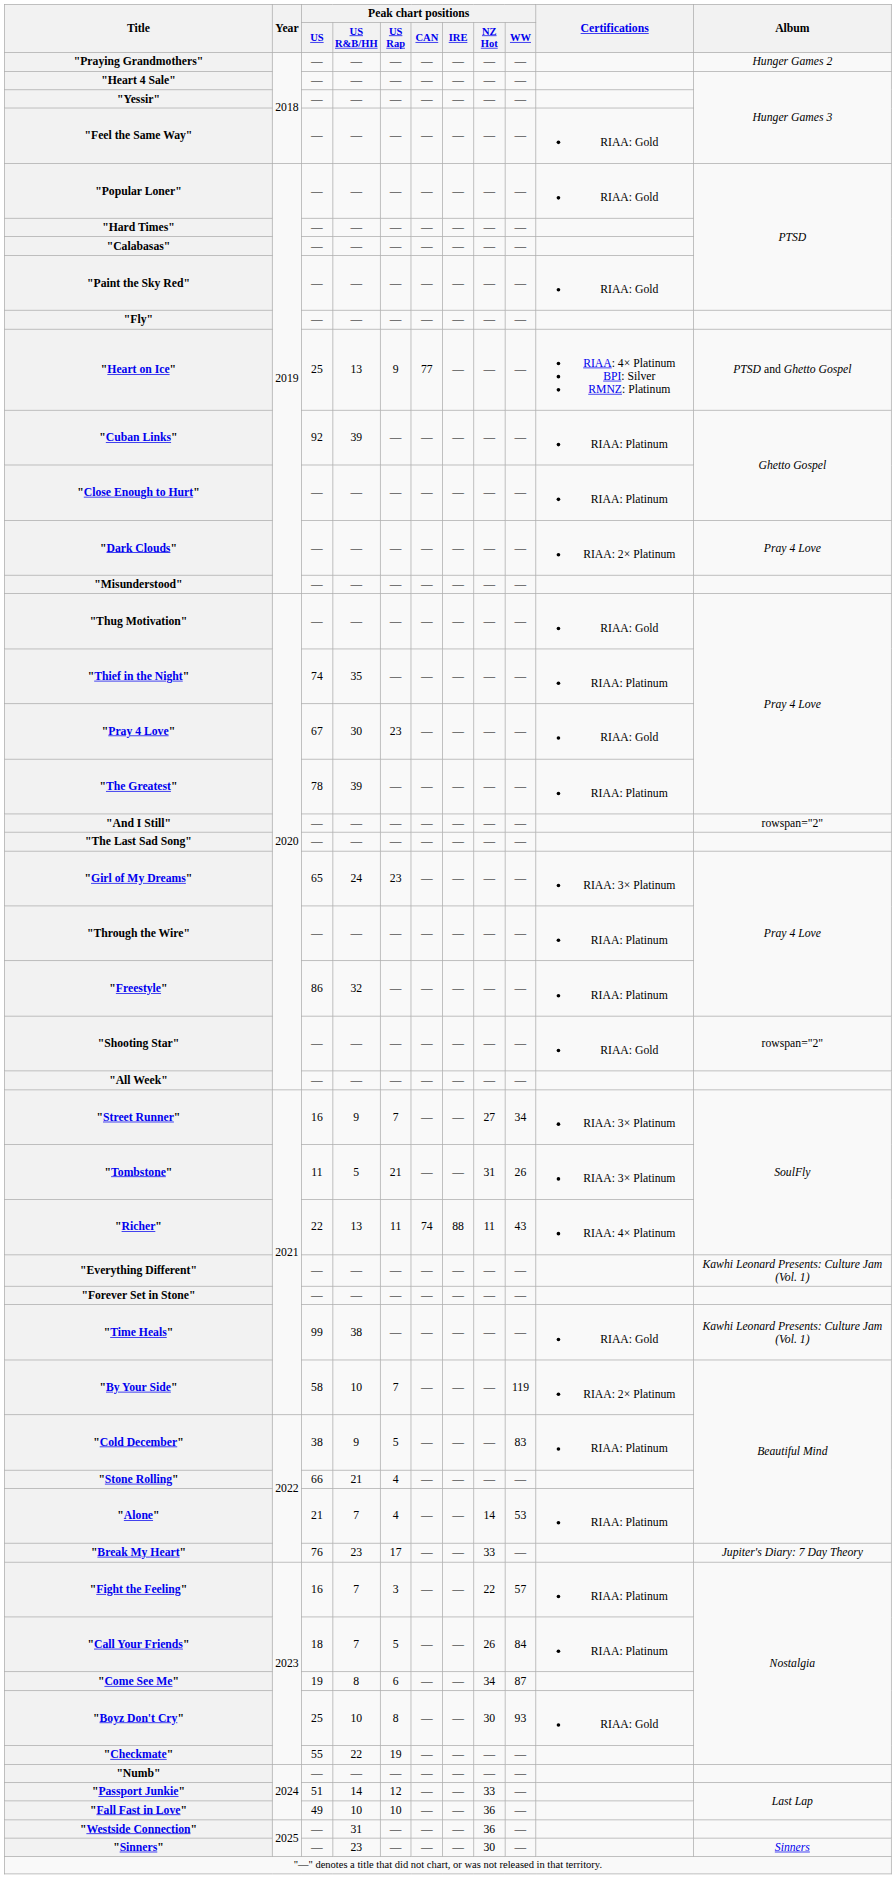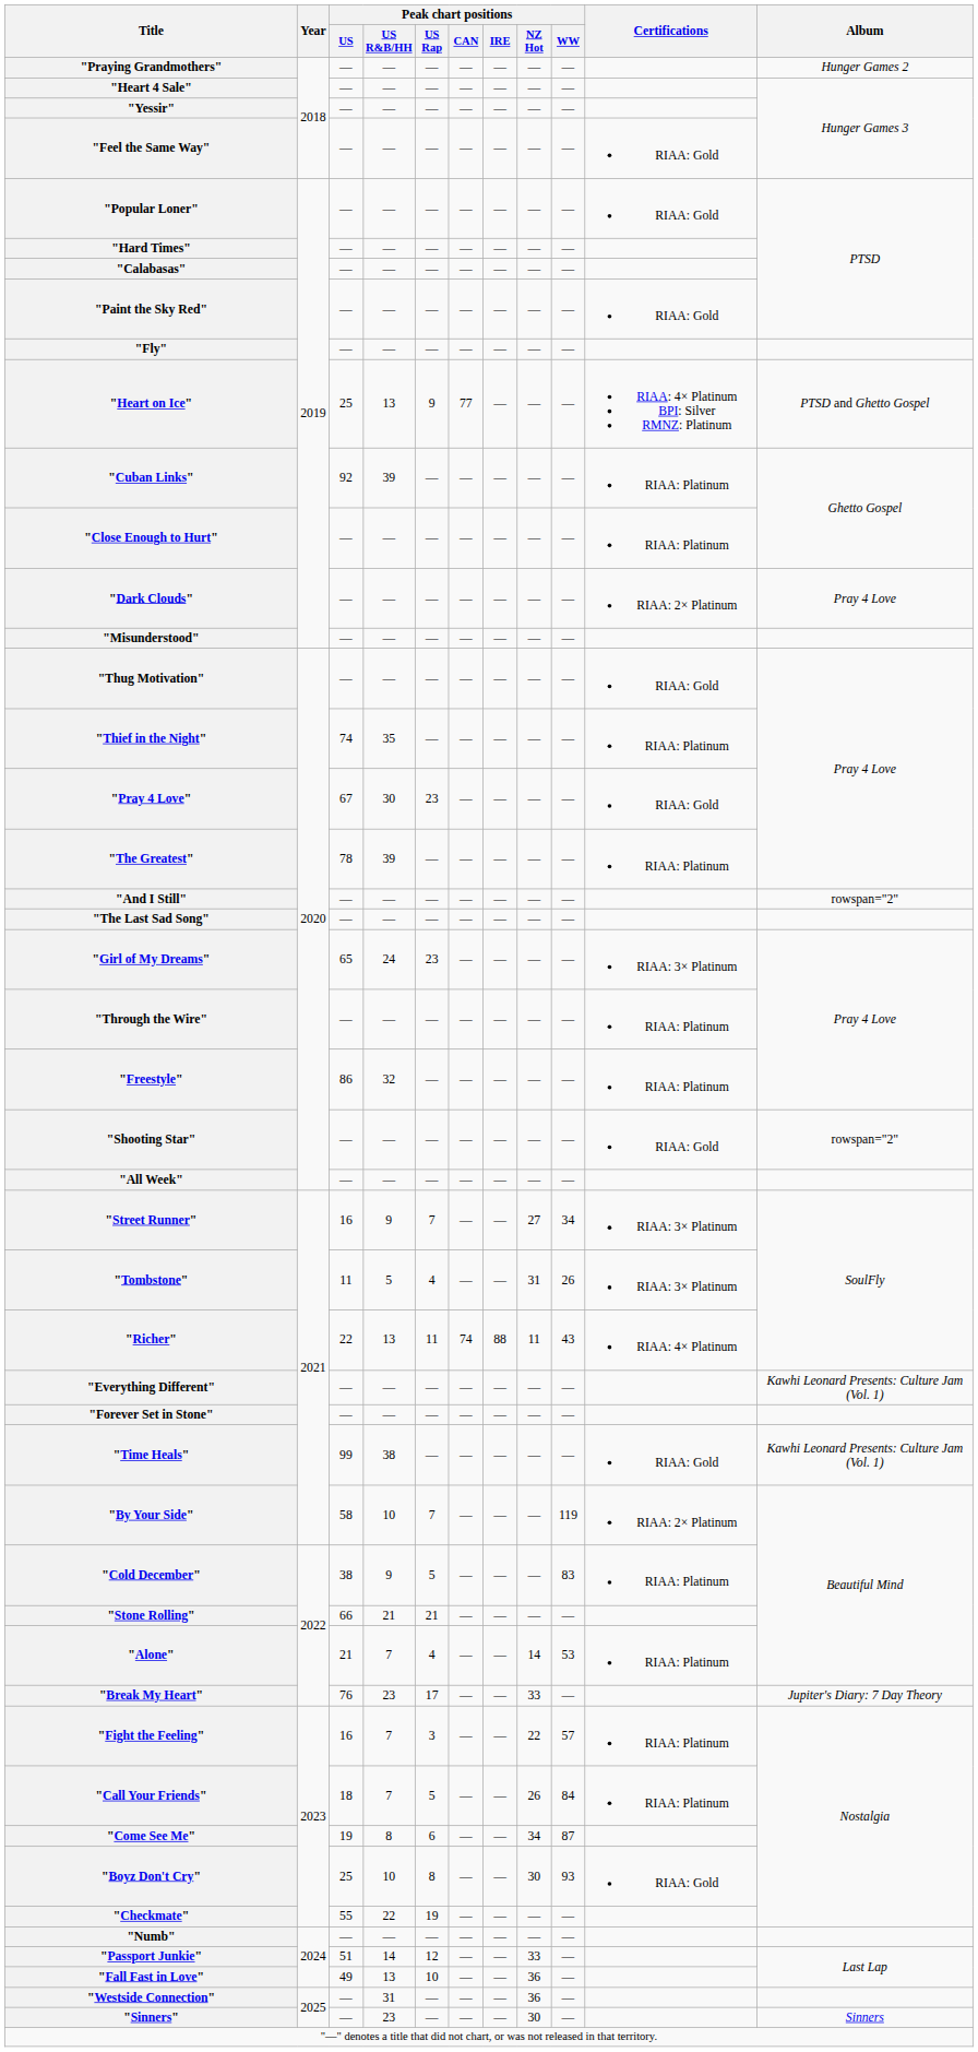 <table class="wikitable plainrowheaders" style="text-align:center;">
 <tr>
 <th scope="col" rowspan="2" style="width:22.5em;">Title</th>
 <th scope="col" rowspan="2" style="width:1em;">Year</th>
 <th scope="col" colspan="7">Peak chart positions</th>
 <th scope="col" rowspan="2" style="width:13em;"><a href='#'>Certifications</a></th>
 <th scope="col" rowspan="2" style="width:16.5em;">Album</th>
 </tr>
 <tr>
 <th scope="col" style="width:2.5em;font-size:90%;"><a href='#'>US</a><br></th>
 <th scope="col" style="width:2.5em;font-size:90%;"><a href='#'>US R&B/HH</a><br></th>
 <th scope="col" style="width:2.5em;font-size:90%;"><a href='#'>US Rap</a><br></th>
 <th scope="col" style="width:2.5em;font-size:90%;"><a href='#'>CAN</a><br></th>
 <th scope="col" style="width:2.5em;font-size:90%;"><a href='#'>IRE</a><br></th>
 <th scope="col" style="width:2.5em;font-size:90%;"><a href='#'>NZ<br>Hot</a><br></th>
 <th scope="col" style="width:2.5em;font-size:90%;"><a href='#'>WW</a><br></th>
 </tr>
 <tr>
 <th scope="row">"Praying Grandmothers"</th>
 <td rowspan="4">2018</td>
 <td>—</td>
 <td>—</td>
 <td>—</td>
 <td>—</td>
 <td>—</td>
 <td>—</td>
 <td>—</td>
 <td></td>
 <td><em>Hunger Games 2</em></td>
 </tr>
 <tr>
 <th scope="row">"Heart 4 Sale"</th>
 <td>—</td>
 <td>—</td>
 <td>—</td>
 <td>—</td>
 <td>—</td>
 <td>—</td>
 <td>—</td>
 <td></td>
 <td rowspan="3"><em>Hunger Games 3</em></td>
 </tr>
 <tr>
 <th scope="row">"Yessir"</th>
 <td>—</td>
 <td>—</td>
 <td>—</td>
 <td>—</td>
 <td>—</td>
 <td>—</td>
 <td>—</td>
 <td></td>
 </tr>
 <tr>
 <th scope="row">"Feel the Same Way"<br></th>
 <td>—</td>
 <td>—</td>
 <td>—</td>
 <td>—</td>
 <td>—</td>
 <td>—</td>
 <td>—</td>
 <td><br><ul><li>RIAA: Gold</li></ul></td>
 </tr>
 <tr>
 <th scope="row">"Popular Loner"</th>
 <td rowspan="10">2019</td>
 <td>—</td>
 <td>—</td>
 <td>—</td>
 <td>—</td>
 <td>—</td>
 <td>—</td>
 <td>—</td>
 <td><br><ul><li>RIAA: Gold</li></ul></td>
 <td rowspan="4"><em>PTSD</em></td>
 </tr>
 <tr>
 <th scope="row">"Hard Times"</th>
 <td>—</td>
 <td>—</td>
 <td>—</td>
 <td>—</td>
 <td>—</td>
 <td>—</td>
 <td>—</td>
 <td></td>
 </tr>
 <tr>
 <th scope="row">"Calabasas"<br></th>
 <td>—</td>
 <td>—</td>
 <td>—</td>
 <td>—</td>
 <td>—</td>
 <td>—</td>
 <td>—</td>
 <td></td>
 </tr>
 <tr>
 <th scope="row">"Paint the Sky Red"</th>
 <td>—</td>
 <td>—</td>
 <td>—</td>
 <td>—</td>
 <td>—</td>
 <td>—</td>
 <td>—</td>
 <td><br><ul><li>RIAA: Gold</li></ul></td>
 </tr>
 <tr>
 <th scope="row">"Fly"</th>
 <td>—</td>
 <td>—</td>
 <td>—</td>
 <td>—</td>
 <td>—</td>
 <td>—</td>
 <td>—</td>
 <td></td>
 <td></td>
 </tr>
 <tr>
 <th scope="row">"<a href='#'>Heart on Ice</a>"<br></th>
 <td>25</td>
 <td>13</td>
 <td>9</td>
 <td>77</td>
 <td>—</td>
 <td>—</td>
 <td>—</td>
 <td><br><ul><li><a href='#'>RIAA</a>: 4× Platinum</li><li><a href='#'>BPI</a>: Silver</li><li><a href='#'>RMNZ</a>: Platinum</li></ul></td>
 <td><em>PTSD</em> and <em>Ghetto Gospel</em></td>
 </tr>
 <tr>
 <th scope="row">"<a href='#'>Cuban Links</a>"<br></th>
 <td>92</td>
 <td>39</td>
 <td>—</td>
 <td>—</td>
 <td>—</td>
 <td>—</td>
 <td>—</td>
 <td><br><ul><li>RIAA: Platinum</li></ul></td>
 <td rowspan="2"><em>Ghetto Gospel</em></td>
 </tr>
 <tr>
 <th scope="row">"<a href='#'>Close Enough to Hurt</a>"</th>
 <td>—</td>
 <td>—</td>
 <td>—</td>
 <td>—</td>
 <td>—</td>
 <td>—</td>
 <td>—</td>
 <td><br><ul><li>RIAA: Platinum</li></ul></td>
 </tr>
 <tr>
 <th scope="row">"<a href='#'>Dark Clouds</a>"</th>
 <td>—</td>
 <td>—</td>
 <td>—</td>
 <td>—</td>
 <td>—</td>
 <td>—</td>
 <td>—</td>
 <td><br><ul><li>RIAA: 2× Platinum</li></ul></td>
 <td><em>Pray 4 Love</em></td>
 </tr>
 <tr>
 <th scope="row">"Misunderstood"</th>
 <td>—</td>
 <td>—</td>
 <td>—</td>
 <td>—</td>
 <td>—</td>
 <td>—</td>
 <td>—</td>
 <td></td>
 <td></td>
 </tr>
 <tr>
 <th scope="row">"Thug Motivation"</th>
 <td rowspan="11">2020</td>
 <td>—</td>
 <td>—</td>
 <td>—</td>
 <td>—</td>
 <td>—</td>
 <td>—</td>
 <td>—</td>
 <td><br><ul><li>RIAA: Gold</li></ul></td>
 <td rowspan="4"><em>Pray 4 Love</em></td>
 </tr>
 <tr>
 <th scope="row">"<a href='#'>Thief in the Night</a>"</th>
 <td>74</td>
 <td>35</td>
 <td>—</td>
 <td>—</td>
 <td>—</td>
 <td>—</td>
 <td>—</td>
 <td><br><ul><li>RIAA: Platinum</li></ul></td>
 </tr>
 <tr>
 <th scope="row">"<a href='#'>Pray 4 Love</a>"</th>
 <td>67</td>
 <td>30</td>
 <td>23</td>
 <td>—</td>
 <td>—</td>
 <td>—</td>
 <td>—</td>
 <td><br><ul><li>RIAA: Gold</li></ul></td>
 </tr>
 <tr>
 <th scope="row">"<a href='#'>The Greatest</a>"</th>
 <td>78</td>
 <td>39</td>
 <td>—</td>
 <td>—</td>
 <td>—</td>
 <td>—</td>
 <td>—</td>
 <td><br><ul><li>RIAA: Platinum</li></ul></td>
 </tr>
 <tr>
 <th scope="row">"And I Still"</th>
 <td>—</td>
 <td>—</td>
 <td>—</td>
 <td>—</td>
 <td>—</td>
 <td>—</td>
 <td>—</td>
 <td></td>
 <td>rowspan="2" </td>
 </tr>
 <tr>
 <th scope="row">"The Last Sad Song"</th>
 <td>—</td>
 <td>—</td>
 <td>—</td>
 <td>—</td>
 <td>—</td>
 <td>—</td>
 <td>—</td>
 <td></td>
 </tr>
 <tr>
 <th scope="row">"<a href='#'>Girl of My Dreams</a>"</th>
 <td>65</td>
 <td>24</td>
 <td>23</td>
 <td>—</td>
 <td>—</td>
 <td>—</td>
 <td>—</td>
 <td><br><ul><li>RIAA: 3× Platinum</li></ul></td>
 <td rowspan="3"><em>Pray 4 Love</em></td>
 </tr>
 <tr>
 <th scope="row">"Through the Wire"</th>
 <td>—</td>
 <td>—</td>
 <td>—</td>
 <td>—</td>
 <td>—</td>
 <td>—</td>
 <td>—</td>
 <td><br><ul><li>RIAA: Platinum</li></ul></td>
 </tr>
 <tr>
 <th scope="row">"<a href='#'>Freestyle</a>"</th>
 <td>86</td>
 <td>32</td>
 <td>—</td>
 <td>—</td>
 <td>—</td>
 <td>—</td>
 <td>—</td>
 <td><br><ul><li>RIAA: Platinum</li></ul></td>
 </tr>
 <tr>
 <th scope="row">"Shooting Star"</th>
 <td>—</td>
 <td>—</td>
 <td>—</td>
 <td>—</td>
 <td>—</td>
 <td>—</td>
 <td>—</td>
 <td><br><ul><li>RIAA: Gold</li></ul></td>
 <td>rowspan="2" </td>
 </tr>
 <tr>
 <th scope="row">"All Week"</th>
 <td>—</td>
 <td>—</td>
 <td>—</td>
 <td>—</td>
 <td>—</td>
 <td>—</td>
 <td>—</td>
 <td></td>
 </tr>
 <tr>
 <th scope="row">"<a href='#'>Street Runner</a>"</th>
 <td rowspan="7">2021</td>
 <td>16</td>
 <td>9</td>
 <td>7</td>
 <td>—</td>
 <td>—</td>
 <td>27</td>
 <td>34</td>
 <td><br><ul><li>RIAA: 3× Platinum</li></ul></td>
 <td rowspan="3"><em>SoulFly</em></td>
 </tr>
 <tr>
 <th scope="row">"<a href='#'>Tombstone</a>"</th>
 <td>11</td>
 <td>5</td>
-<td>21</td>
+<td>4</td>
 <td>—</td>
 <td>—</td>
 <td>31</td>
 <td>26</td>
 <td><br><ul><li>RIAA: 3× Platinum</li></ul></td>
 </tr>
 <tr>
 <th scope="row">"<a href='#'>Richer</a>"<br></th>
 <td>22</td>
 <td>13</td>
 <td>11</td>
 <td>74</td>
 <td>88</td>
 <td>11</td>
 <td>43</td>
 <td><br><ul><li>RIAA: 4× Platinum</li></ul></td>
 </tr>
 <tr>
 <th scope="row">"Everything Different"<br></th>
 <td>—</td>
 <td>—</td>
 <td>—</td>
 <td>—</td>
 <td>—</td>
 <td>—</td>
 <td>—</td>
 <td></td>
 <td><em>Kawhi Leonard Presents: Culture Jam (Vol. 1)</em></td>
 </tr>
 <tr>
 <th scope="row">"Forever Set in Stone"</th>
 <td>—</td>
 <td>—</td>
 <td>—</td>
 <td>—</td>
 <td>—</td>
 <td>—</td>
 <td>—</td>
 <td></td>
 <td></td>
 </tr>
 <tr>
 <th scope="row">"<a href='#'>Time Heals</a>"</th>
 <td>99</td>
 <td>38</td>
 <td>—</td>
 <td>—</td>
 <td>—</td>
 <td>—</td>
 <td>—</td>
 <td><br><ul><li>RIAA: Gold</li></ul></td>
 <td><em>Kawhi Leonard Presents: Culture Jam (Vol. 1)</em></td>
 </tr>
 <tr>
 <th scope="row">"<a href='#'>By Your Side</a>"</th>
 <td>58</td>
 <td>10</td>
 <td>7</td>
 <td>—</td>
 <td>—</td>
 <td>—</td>
 <td>119</td>
 <td><br><ul><li>RIAA: 2× Platinum</li></ul></td>
 <td rowspan="4"><em>Beautiful Mind</em></td>
 </tr>
 <tr>
 <th scope="row">"<a href='#'>Cold December</a>"</th>
 <td rowspan="4">2022</td>
 <td>38</td>
 <td>9</td>
 <td>5</td>
 <td>—</td>
 <td>—</td>
 <td>—</td>
 <td>83</td>
 <td><br><ul><li>RIAA: Platinum</li></ul></td>
 </tr>
 <tr>
 <th scope="row">"<a href='#'>Stone Rolling</a>"</th>
 <td>66</td>
 <td>21</td>
-<td>4</td>
+<td>21</td>
 <td>—</td>
 <td>—</td>
 <td>—</td>
 <td>—</td>
 <td></td>
 </tr>
 <tr>
 <th scope="row">"<a href='#'>Alone</a>"</th>
 <td>21</td>
 <td>7</td>
 <td>4</td>
 <td>—</td>
 <td>—</td>
 <td>14</td>
 <td>53</td>
 <td><br><ul><li>RIAA: Platinum</li></ul></td>
 </tr>
 <tr>
 <th scope="row">"<a href='#'>Break My Heart</a>"</th>
 <td>76</td>
 <td>23</td>
 <td>17</td>
 <td>—</td>
 <td>—</td>
 <td>33</td>
 <td>—</td>
 <td></td>
 <td><em>Jupiter's Diary: 7 Day Theory</em></td>
 </tr>
 <tr>
 <th scope="row">"<a href='#'>Fight the Feeling</a>"</th>
 <td rowspan="5">2023</td>
 <td>16</td>
 <td>7</td>
 <td>3</td>
 <td>—</td>
 <td>—</td>
 <td>22</td>
 <td>57</td>
 <td><br><ul><li>RIAA: Platinum</li></ul></td>
 <td rowspan="5"><em>Nostalgia</em></td>
 </tr>
 <tr>
 <th scope="row">"<a href='#'>Call Your Friends</a>"</th>
 <td>18</td>
 <td>7</td>
 <td>5</td>
 <td>—</td>
 <td>—</td>
 <td>26</td>
 <td>84</td>
 <td><br><ul><li>RIAA: Platinum</li></ul></td>
 </tr>
 <tr>
 <th scope="row">"<a href='#'>Come See Me</a>"</th>
 <td>19</td>
 <td>8</td>
 <td>6</td>
 <td>—</td>
 <td>—</td>
 <td>34</td>
 <td>87</td>
 <td></td>
 </tr>
 <tr>
 <th scope="row">"<a href='#'>Boyz Don't Cry</a>"</th>
 <td>25</td>
 <td>10</td>
 <td>8</td>
 <td>—</td>
 <td>—</td>
 <td>30</td>
 <td>93</td>
 <td><br><ul><li>RIAA: Gold</li></ul></td>
 </tr>
 <tr>
 <th scope="row">"<a href='#'>Checkmate</a>"</th>
 <td>55</td>
 <td>22</td>
 <td>19</td>
 <td>—</td>
 <td>—</td>
 <td>—</td>
 <td>—</td>
 <td></td>
 </tr>
 <tr>
 <th scope="row">"Numb"</th>
 <td rowspan="3">2024</td>
 <td>—</td>
 <td>—</td>
 <td>—</td>
 <td>—</td>
 <td>—</td>
 <td>—</td>
 <td>—</td>
 <td></td>
 <td></td>
 </tr>
 <tr>
 <th scope="row">"<a href='#'>Passport Junkie</a>"</th>
 <td>51</td>
 <td>14</td>
 <td>12</td>
 <td>—</td>
 <td>—</td>
 <td>33</td>
 <td>—</td>
 <td></td>
 <td rowspan="2"><em>Last Lap</em></td>
 </tr>
 <tr>
 <th scope="row">"<a href='#'>Fall Fast in Love</a>"</th>
 <td>49</td>
-<td>10</td>
+<td>13</td>
 <td>10</td>
 <td>—</td>
 <td>—</td>
 <td>36</td>
 <td>—</td>
 <td></td>
 </tr>
 <tr>
 <th scope="row">"<a href='#'>Westside Connection</a>"</th>
 <td rowspan="2">2025</td>
 <td>—</td>
 <td>31</td>
 <td>—</td>
 <td>—</td>
 <td>—</td>
 <td>36</td>
 <td>—</td>
 <td></td>
 <td></td>
 </tr>
 <tr>
 <th scope="row">"<a href='#'>Sinners</a>"</th>
 <td>—</td>
 <td>23</td>
 <td>—</td>
 <td>—</td>
 <td>—</td>
 <td>30</td>
 <td>—</td>
 <td></td>
 <td><em><a href='#'>Sinners</a></em></td>
 </tr>
 <tr>
 <td colspan="11" style="font-size:90%">"—" denotes a title that did not chart, or was not released in that territory.</td>
 </tr>
 </table>
